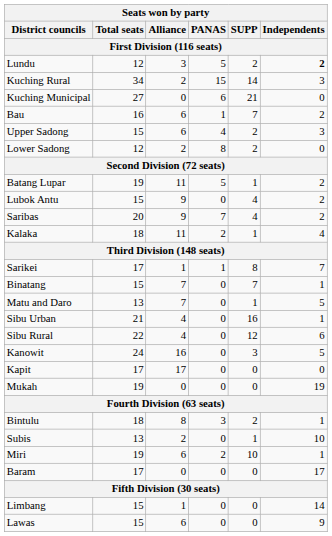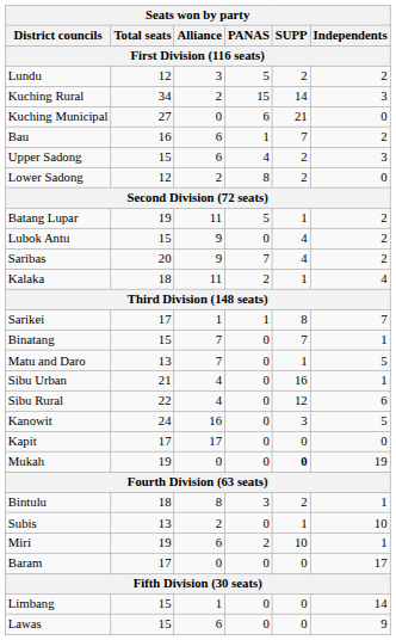 <table class=wikitable style=text-align:right>
 <tr>
 <th colspan = "8"><strong> Seats won by party</strong></th>
 </tr>
 <tr>
 <th>District councils</th>
 <th>Total seats</th>
 <th>Alliance</th>
 <th>PANAS</th>
 <th>SUPP</th>
 <th>Independents</th>
 </tr>
 <tr>
 <th colspan=6>First Division (116 seats)</th>
 </tr>
 <tr>
 <td align=left>Lundu</td>
 <td>12</td>
 <td>3</td>
 <td>5</td>
 <td>2</td>
-<td><strong>2</strong></td>
+<td>2</td>
 </tr>
 <tr>
 <td align=left>Kuching Rural</td>
 <td>34</td>
 <td>2</td>
 <td>15</td>
 <td>14</td>
 <td>3</td>
 </tr>
 <tr>
 <td align=left>Kuching Municipal</td>
 <td>27</td>
 <td>0</td>
 <td>6</td>
 <td>21</td>
 <td>0</td>
 </tr>
 <tr>
 <td align=left>Bau</td>
 <td>16</td>
 <td>6</td>
 <td>1</td>
 <td>7</td>
 <td>2</td>
 </tr>
 <tr>
 <td align=left>Upper Sadong</td>
 <td>15</td>
 <td>6</td>
 <td>4</td>
 <td>2</td>
 <td>3</td>
 </tr>
 <tr>
 <td align=left>Lower Sadong</td>
 <td>12</td>
 <td>2</td>
 <td>8</td>
 <td>2</td>
 <td>0</td>
 </tr>
 <tr>
 <th colspan=6>Second Division (72 seats)</th>
 </tr>
 <tr>
 <td align=left>Batang Lupar</td>
 <td>19</td>
 <td>11</td>
 <td>5</td>
 <td>1</td>
 <td>2</td>
 </tr>
 <tr>
 <td align=left>Lubok Antu</td>
 <td>15</td>
 <td>9</td>
 <td>0</td>
 <td>4</td>
 <td>2</td>
 </tr>
 <tr>
 <td align=left>Saribas</td>
 <td>20</td>
 <td>9</td>
 <td>7</td>
 <td>4</td>
 <td>2</td>
 </tr>
 <tr>
 <td align=left>Kalaka</td>
 <td>18</td>
 <td>11</td>
 <td>2</td>
 <td>1</td>
 <td>4</td>
 </tr>
 <tr>
 <th colspan=6>Third Division (148 seats)</th>
 </tr>
 <tr>
 <td align=left>Sarikei</td>
 <td>17</td>
 <td>1</td>
 <td>1</td>
 <td>8</td>
 <td>7</td>
 </tr>
 <tr>
 <td align=left>Binatang</td>
 <td>15</td>
 <td>7</td>
 <td>0</td>
 <td>7</td>
 <td>1</td>
 </tr>
 <tr>
 <td align=left>Matu and Daro</td>
 <td>13</td>
 <td>7</td>
 <td>0</td>
 <td>1</td>
 <td>5</td>
 </tr>
 <tr>
 <td align=left>Sibu Urban</td>
 <td>21</td>
 <td>4</td>
 <td>0</td>
 <td>16</td>
 <td>1</td>
 </tr>
 <tr>
 <td align=left>Sibu Rural</td>
 <td>22</td>
 <td>4</td>
 <td>0</td>
 <td>12</td>
 <td>6</td>
 </tr>
 <tr>
 <td align=left>Kanowit</td>
 <td>24</td>
 <td>16</td>
 <td>0</td>
 <td>3</td>
 <td>5</td>
 </tr>
 <tr>
 <td align=left>Kapit</td>
 <td>17</td>
 <td>17</td>
 <td>0</td>
 <td>0</td>
 <td>0</td>
 </tr>
 <tr>
 <td align=left>Mukah</td>
 <td>19</td>
 <td>0</td>
 <td>0</td>
-<td>0</td>
+<td><strong>0</strong></td>
 <td>19</td>
 </tr>
 <tr>
 <th colspan=6>Fourth Division (63 seats)</th>
 </tr>
 <tr>
 <td align=left>Bintulu</td>
 <td>18</td>
 <td>8</td>
 <td>3</td>
 <td>2</td>
 <td>1</td>
 </tr>
 <tr>
 <td align=left>Subis</td>
 <td>13</td>
 <td>2</td>
 <td>0</td>
 <td>1</td>
 <td>10</td>
 </tr>
 <tr>
 <td align=left>Miri</td>
 <td>19</td>
 <td>6</td>
 <td>2</td>
 <td>10</td>
 <td>1</td>
 </tr>
 <tr>
 <td align=left>Baram</td>
 <td>17</td>
 <td>0</td>
 <td>0</td>
 <td>0</td>
 <td>17</td>
 </tr>
 <tr>
 <th colspan=6>Fifth Division (30 seats)</th>
 </tr>
 <tr>
 <td align=left>Limbang</td>
 <td>15</td>
 <td>1</td>
 <td>0</td>
 <td>0</td>
 <td>14</td>
 </tr>
 <tr>
 <td align=left>Lawas</td>
 <td>15</td>
 <td>6</td>
 <td>0</td>
 <td>0</td>
 <td>9</td>
 </tr>
 </table>
